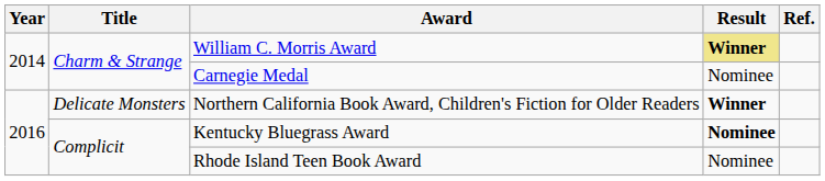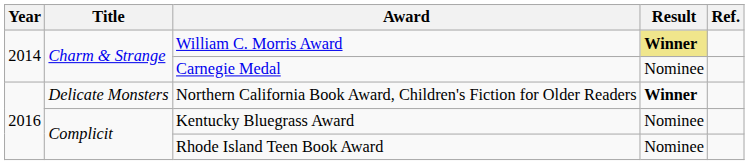 <table class="wikitable sortable">
 <tr>
 <th>Year</th>
 <th>Title</th>
 <th>Award</th>
 <th>Result</th>
 <th>Ref.</th>
 </tr>
 <tr>
 <td rowspan="2">2014</td>
 <td rowspan="2"><em><a href='#'>Charm & Strange</a></em></td>
 <td><a href='#'>William C. Morris Award</a></td>
 <td style="background: khaki;"><strong>Winner</strong></td>
 <td></td>
 </tr>
 <tr>
 <td><a href='#'>Carnegie Medal</a></td>
 <td>Nominee</td>
 <td></td>
 </tr>
 <tr>
 <td rowspan="3">2016</td>
 <td><em>Delicate Monsters</em></td>
 <td>Northern California Book Award, Children's Fiction for Older Readers</td>
 <td><strong>Winner</strong></td>
 <td></td>
 </tr>
 <tr>
 <td rowspan="2"><em>Complicit</em></td>
 <td>Kentucky Bluegrass Award</td>
-<td><strong>Nominee</strong></td>
+<td>Nominee</td>
 <td></td>
 </tr>
 <tr>
 <td>Rhode Island Teen Book Award</td>
 <td>Nominee</td>
 <td></td>
 </tr>
 </table>
